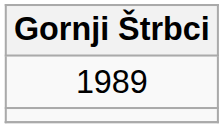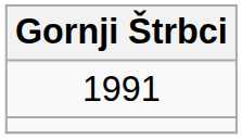 <table class="wikitable" style="margin: 0.5em auto; text-align: center;">
 <tr>
 <th colspan="1">Gornji Štrbci</th>
 </tr>
 <tr>
-<td>1989</td>
+<td>1991</td>
 </tr>
 <tr>
 <td></td>
 </tr>
 <tr>
 </tr>
 </table>
